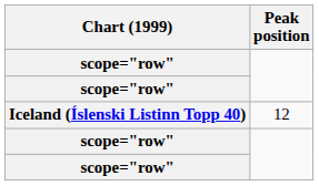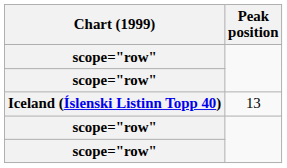 <table class="wikitable sortable plainrowheaders" style="text-align:center">
 <tr>
 <th scope="col">Chart (1999)</th>
 <th scope="col">Peak<br>position</th>
 </tr>
 <tr>
 <th>scope="row"</th>
 </tr>
 <tr>
 <th>scope="row"</th>
 </tr>
 <tr>
 <th scope="row">Iceland (<a href='#'>Íslenski Listinn Topp 40</a>)</th>
-<td>12</td>
+<td>13</td>
 </tr>
 <tr>
 <th>scope="row"</th>
 </tr>
 <tr>
 <th>scope="row"</th>
 </tr>
 </table>
